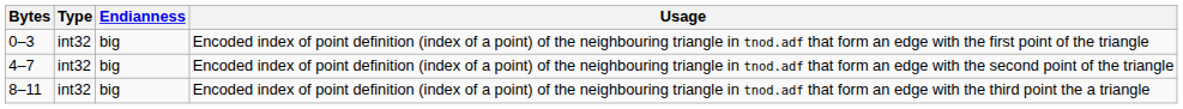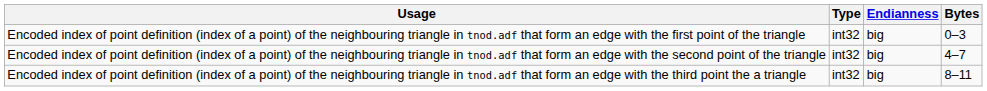 <table class="wikitable">
 <tr>
-<th>Bytes</th>
+<th>Usage</th>
 <th>Type</th>
 <th><a href='#'>Endianness</a></th>
-<th>Usage</th>
+<th>Bytes</th>
 </tr>
 <tr>
-<td>0–3</td>
+<td>Encoded index of point definition (index of a point) of the neighbouring triangle in <kbd>tnod.adf</kbd> that form an edge with the first point of the triangle</td>
 <td>int32</td>
 <td>big</td>
-<td>Encoded index of point definition (index of a point) of the neighbouring triangle in <kbd>tnod.adf</kbd> that form an edge with the first point of the triangle</td>
+<td>0–3</td>
 </tr>
 <tr>
-<td>4–7</td>
+<td>Encoded index of point definition (index of a point) of the neighbouring triangle in <kbd>tnod.adf</kbd> that form an edge with the second point of the triangle</td>
 <td>int32</td>
 <td>big</td>
-<td>Encoded index of point definition (index of a point) of the neighbouring triangle in <kbd>tnod.adf</kbd> that form an edge with the second point of the triangle</td>
+<td>4–7</td>
 </tr>
 <tr>
-<td>8–11</td>
+<td>Encoded index of point definition (index of a point) of the neighbouring triangle in <kbd>tnod.adf</kbd> that form an edge with the third point the a triangle</td>
 <td>int32</td>
 <td>big</td>
-<td>Encoded index of point definition (index of a point) of the neighbouring triangle in <kbd>tnod.adf</kbd> that form an edge with the third point the a triangle</td>
+<td>8–11</td>
 </tr>
 </table>
